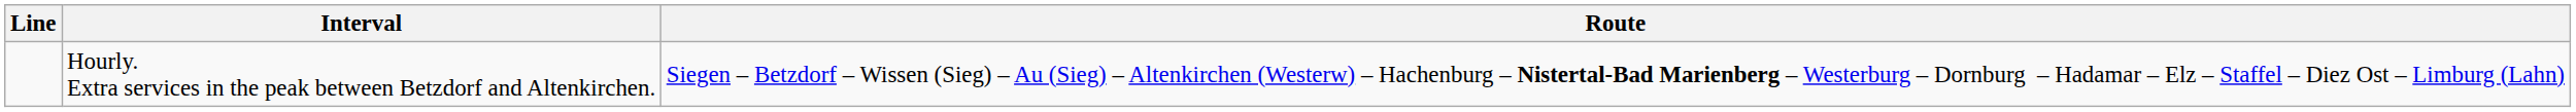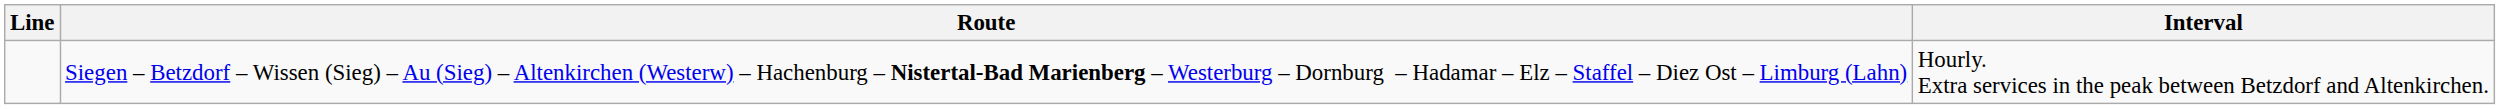 <table class="wikitable">
 <tr>
 <th>Line</th>
+<th>Route</th>
 <th>Interval</th>
-<th>Route</th>
 </tr>
 <tr>
 <td></td>
+<td><a href='#'>Siegen</a> – <a href='#'>Betzdorf</a> – Wissen (Sieg) – <a href='#'>Au (Sieg)</a> – <a href='#'>Altenkirchen (Westerw)</a> – Hachenburg – <strong>Nistertal-Bad Marienberg</strong> – <a href='#'>Westerburg</a> – Dornburg  – Hadamar – Elz – <a href='#'>Staffel</a> – Diez Ost – <a href='#'>Limburg (Lahn)</a></td>
 <td>Hourly.<br>Extra services in the peak between Betzdorf and Altenkirchen.</td>
-<td><a href='#'>Siegen</a> – <a href='#'>Betzdorf</a> – Wissen (Sieg) – <a href='#'>Au (Sieg)</a> – <a href='#'>Altenkirchen (Westerw)</a> – Hachenburg – <strong>Nistertal-Bad Marienberg</strong> – <a href='#'>Westerburg</a> – Dornburg  – Hadamar – Elz – <a href='#'>Staffel</a> – Diez Ost – <a href='#'>Limburg (Lahn)</a></td>
 </tr>
 </table>
